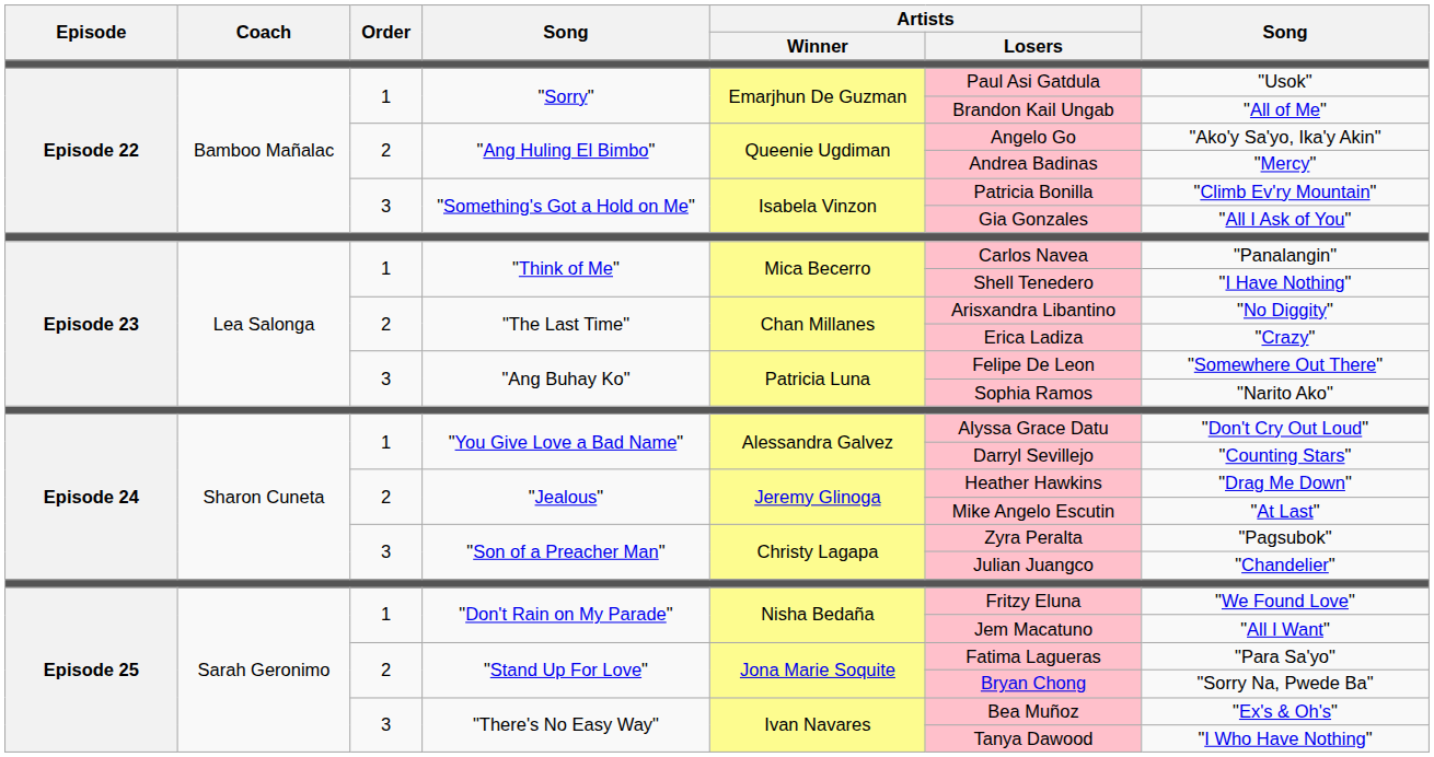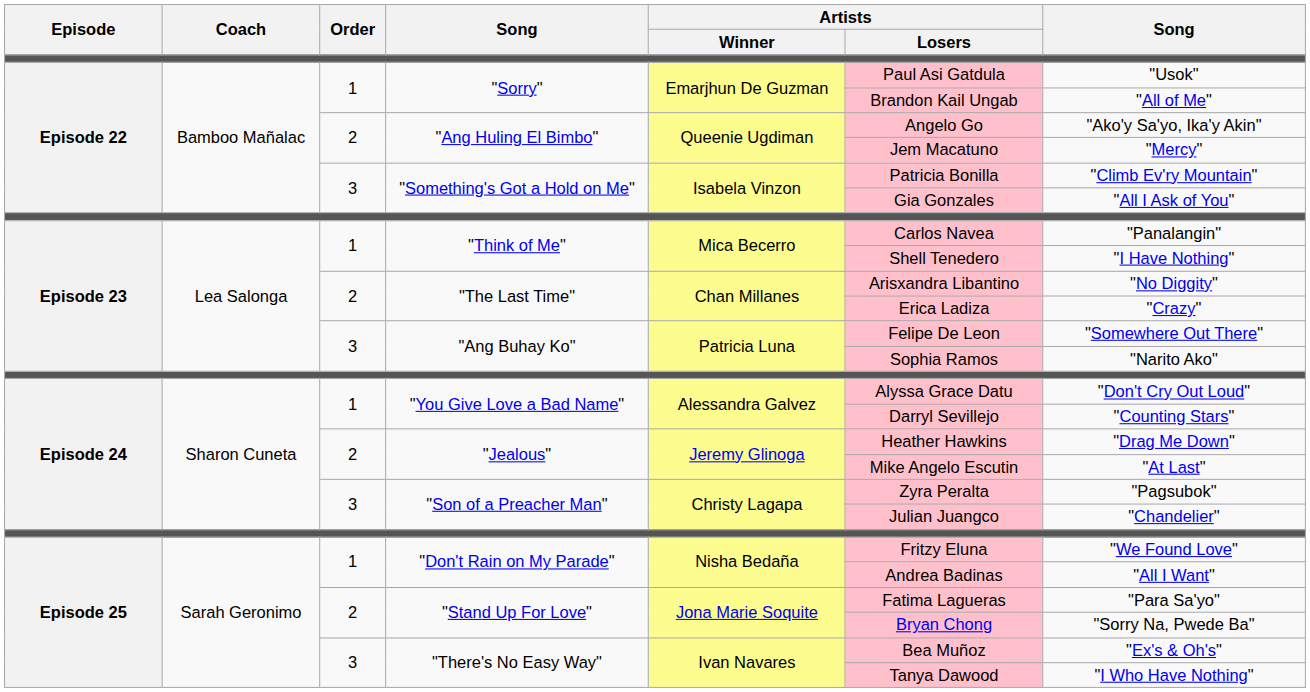 <table class="wikitable" style="text-align:center; line-height:17px; width:100%;">
 <tr>
 <th rowspan="2" width=12%>Episode</th>
 <th rowspan="2" width=12%>Coach</th>
 <th rowspan="2" width=5%>Order</th>
 <th rowspan="2" width=20%>Song</th>
 <th colspan="2">Artists</th>
 <th rowspan="2" width=20%>Song</th>
 </tr>
 <tr>
 <th width=15%>Winner</th>
 <th width=15%>Losers</th>
 </tr>
 <tr>
 <th colspan="7" style="background:#555;"></th>
 </tr>
 <tr>
 <th rowspan="6">Episode 22 <br><small></small></th>
 <td rowspan="6">Bamboo Mañalac</td>
 <td rowspan=2>1</td>
 <td style="background:#;" rowspan=2>"<a href='#'>Sorry</a>"</td>
 <td style="background:#fdfc8f;" rowspan=2>Emarjhun De Guzman</td>
 <td style="background:pink;">Paul Asi Gatdula</td>
 <td style="background:;">"Usok"</td>
 </tr>
 <tr>
 <td style="background:pink;">Brandon Kail Ungab</td>
 <td style="background:;">"<a href='#'>All of Me</a>"</td>
 </tr>
 <tr>
 <td rowspan=2>2</td>
 <td style="background:#;" rowspan=2>"<a href='#'>Ang Huling El Bimbo</a>"</td>
 <td style="background:#fdfc8f;" rowspan=2>Queenie Ugdiman</td>
 <td style="background:pink;">Angelo Go</td>
 <td style="background:;">"Ako'y Sa'yo, Ika'y Akin"</td>
 </tr>
 <tr>
-<td style="background:pink;">Andrea Badinas</td>
+<td style="background:pink;">Jem Macatuno</td>
 <td style="background:;">"<a href='#'>Mercy</a>"</td>
 </tr>
 <tr>
 <td rowspan=2>3</td>
 <td style="background:#;" rowspan=2>"<a href='#'>Something's Got a Hold on Me</a>"</td>
 <td style="background:#fdfc8f;" rowspan=2>Isabela Vinzon</td>
 <td style="background:pink;">Patricia Bonilla</td>
 <td style="background:;">"<a href='#'>Climb Ev'ry Mountain</a>"</td>
 </tr>
 <tr>
 <td style="background:pink;">Gia Gonzales</td>
 <td style="background:;">"<a href='#'>All I Ask of You</a>"</td>
 </tr>
 <tr>
 <th colspan="7" style="background:#555;"></th>
 </tr>
 <tr>
 <th rowspan="6">Episode 23<br><small></small></th>
 <td rowspan="6">Lea Salonga</td>
 <td rowspan=2>1</td>
 <td style="background:#;" rowspan=2>"<a href='#'>Think of Me</a>"</td>
 <td style="background:#fdfc8f;" rowspan=2>Mica Becerro</td>
 <td style="background:pink;">Carlos Navea</td>
 <td style="background:;">"Panalangin"</td>
 </tr>
 <tr>
 <td style="background:pink;">Shell Tenedero</td>
 <td style="background:;">"<a href='#'>I Have Nothing</a>"</td>
 </tr>
 <tr>
 <td rowspan=2>2</td>
 <td style="background:#;" rowspan=2>"The Last Time"</td>
 <td style="background:#fdfc8f;" rowspan=2>Chan Millanes</td>
 <td style="background:pink;">Arisxandra Libantino</td>
 <td style="background:;">"<a href='#'>No Diggity</a>"</td>
 </tr>
 <tr>
 <td style="background:pink;">Erica Ladiza</td>
 <td style="background:;">"<a href='#'>Crazy</a>"</td>
 </tr>
 <tr>
 <td rowspan=2>3</td>
 <td style="background:#;" rowspan=2>"Ang Buhay Ko"</td>
 <td style="background:#fdfc8f;" rowspan=2>Patricia Luna</td>
 <td style="background:pink;">Felipe De Leon</td>
 <td style="background:;">"<a href='#'>Somewhere Out There</a>"</td>
 </tr>
 <tr>
 <td style="background:pink;">Sophia Ramos</td>
 <td style="background:;">"Narito Ako"</td>
 </tr>
 <tr>
 <th colspan="7" style="background:#555;"></th>
 </tr>
 <tr>
 <th rowspan="6">Episode 24<br><small></small></th>
 <td rowspan="6">Sharon Cuneta</td>
 <td rowspan=2>1</td>
 <td style="background:#;" rowspan=2>"<a href='#'>You Give Love a Bad Name</a>"</td>
 <td style="background:#fdfc8f;" rowspan=2>Alessandra Galvez</td>
 <td style="background:pink;">Alyssa Grace Datu</td>
 <td style="background:;">"<a href='#'>Don't Cry Out Loud</a>"</td>
 </tr>
 <tr>
 <td style="background:pink;">Darryl Sevillejo</td>
 <td style="background:;">"<a href='#'>Counting Stars</a>"</td>
 </tr>
 <tr>
 <td rowspan=2>2</td>
 <td style="background:#;" rowspan=2>"<a href='#'>Jealous</a>"</td>
 <td style="background:#fdfc8f;" rowspan=2><a href='#'>Jeremy Glinoga</a></td>
 <td style="background:pink;">Heather Hawkins</td>
 <td style="background:;">"<a href='#'>Drag Me Down</a>"</td>
 </tr>
 <tr>
 <td style="background:pink;">Mike Angelo Escutin</td>
 <td style="background:;">"<a href='#'>At Last</a>"</td>
 </tr>
 <tr>
 <td rowspan=2>3</td>
 <td style="background:#;" rowspan=2>"<a href='#'>Son of a Preacher Man</a>"</td>
 <td style="background:#fdfc8f;" rowspan=2>Christy Lagapa</td>
 <td style="background:pink;">Zyra Peralta</td>
 <td style="background:;">"Pagsubok"</td>
 </tr>
 <tr>
 <td style="background:pink;">Julian Juangco</td>
 <td style="background:;">"<a href='#'>Chandelier</a>"</td>
 </tr>
 <tr>
 <th colspan="7" style="background:#555;"></th>
 </tr>
 <tr>
 <th rowspan="6">Episode 25<br><small></small></th>
 <td rowspan="6">Sarah Geronimo</td>
 <td rowspan=2>1</td>
 <td style="background:#;" rowspan=2>"<a href='#'>Don't Rain on My Parade</a>"</td>
 <td style="background:#fdfc8f;" rowspan=2>Nisha Bedaña</td>
 <td style="background:pink;">Fritzy Eluna</td>
 <td style="background:;">"<a href='#'>We Found Love</a>"</td>
 </tr>
 <tr>
-<td style="background:pink;">Jem Macatuno</td>
+<td style="background:pink;">Andrea Badinas</td>
 <td style="background:;">"<a href='#'>All I Want</a>"</td>
 </tr>
 <tr>
 <td rowspan=2>2</td>
 <td style="background:#;" rowspan=2>"<a href='#'>Stand Up For Love</a>"</td>
 <td style="background:#fdfc8f;" rowspan=2><a href='#'>Jona Marie Soquite</a></td>
 <td style="background:pink;">Fatima Lagueras</td>
 <td style="background:;">"Para Sa'yo"</td>
 </tr>
 <tr>
 <td style="background:pink;"><a href='#'>Bryan Chong</a></td>
 <td style="background:;">"Sorry Na, Pwede Ba"</td>
 </tr>
 <tr>
 <td rowspan=2>3</td>
 <td style="background:#;" rowspan=2>"There's No Easy Way"</td>
 <td style="background:#fdfc8f;" rowspan=2>Ivan Navares</td>
 <td style="background:pink;">Bea Muñoz</td>
 <td style="background:;">"<a href='#'>Ex's & Oh's</a>"</td>
 </tr>
 <tr>
 <td style="background:pink;">Tanya Dawood</td>
 <td style="background:;">"<a href='#'>I Who Have Nothing</a>"</td>
 </tr>
 </table>
